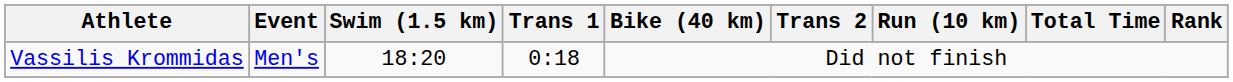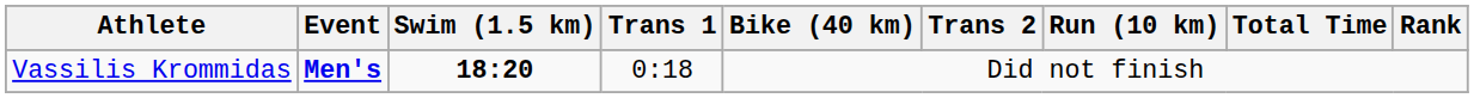 <table class="wikitable" style="font-size:90%">
 <tr>
 <th>Athlete</th>
 <th>Event</th>
 <th>Swim (1.5 km)</th>
 <th>Trans 1</th>
 <th>Bike (40 km)</th>
 <th>Trans 2</th>
 <th>Run (10 km)</th>
 <th>Total Time</th>
 <th>Rank</th>
 </tr>
 <tr align=center>
 <td align=left><a href='#'>Vassilis Krommidas</a></td>
-<td align=left><a href='#'>Men's</a></td>
-<td>18:20</td>
+<td align=left><strong><a href='#'>Men's</a></strong></td>
+<td><strong>18:20</strong></td>
 <td>0:18</td>
 <td colspan=5>Did not finish</td>
 </tr>
 </table>
